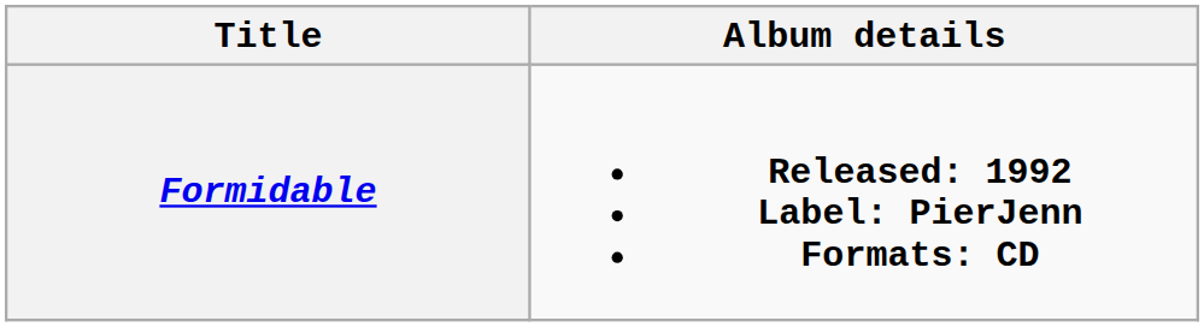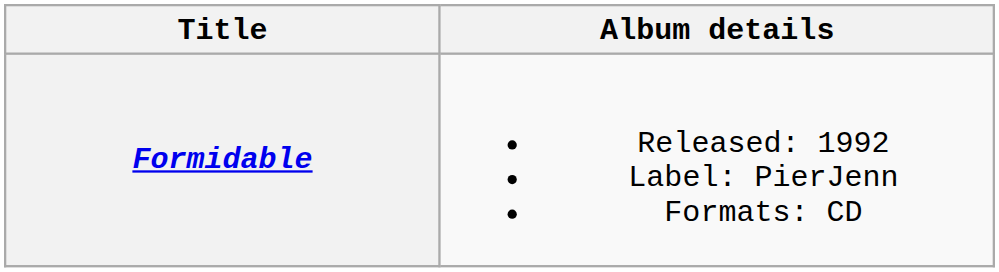 <table class="wikitable plainrowheaders" style="text-align:center;">
 <tr>
 <th scope="col" style="width:14em;">Title</th>
 <th scope="col" style="width:18em;">Album details</th>
 </tr>
 <tr>
 <th scope="row"><em><a href='#'>Formidable</a></em></th>
-<td><strong><br><ul><li>Released: 1992</li><li>Label: PierJenn</li><li>Formats: CD</li></ul></strong></td>
+<td><br><ul><li>Released: 1992</li><li>Label: PierJenn</li><li>Formats: CD</li></ul></td>
 </tr>
 </table>
